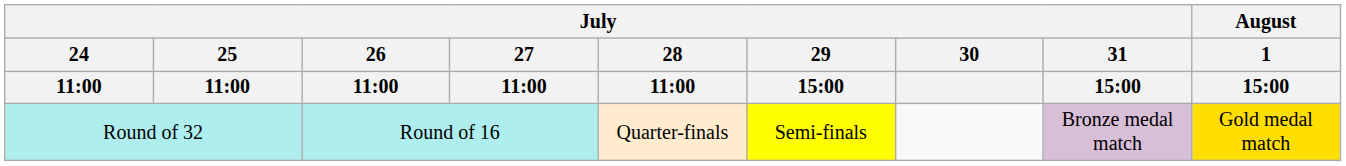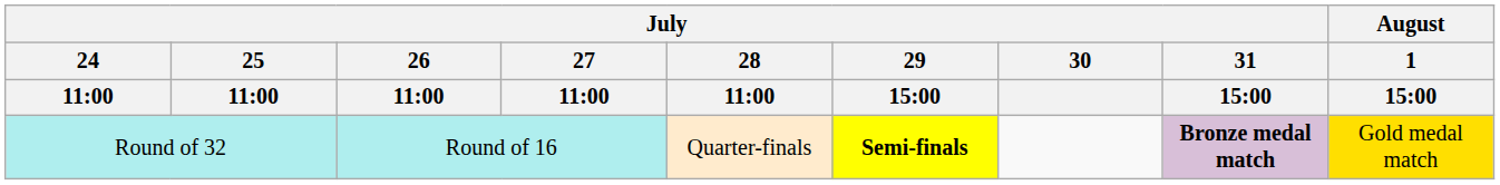 <table class="wikitable" style="text-align: center; font-size: 90%;">
 <tr>
 <th colspan=8>July</th>
 <th>August</th>
 </tr>
 <tr>
 <th width=100>24</th>
 <th width=100>25</th>
 <th width=100>26</th>
 <th width=100>27</th>
 <th width=100>28</th>
 <th width=100>29</th>
 <th width=100>30</th>
 <th width=100>31</th>
 <th width=100>1</th>
 </tr>
 <tr>
 <th>11:00</th>
 <th>11:00</th>
 <th>11:00</th>
 <th>11:00</th>
 <th>11:00</th>
 <th>15:00</th>
 <th></th>
 <th>15:00</th>
 <th>15:00</th>
 </tr>
 <tr>
 <td colspan="2" bgcolor="#afeeee">Round of 32</td>
 <td colspan="2" bgcolor="#afeeee">Round of 16</td>
 <td bgcolor=#ffebcd>Quarter-finals</td>
-<td bgcolor=#FFFF00>Semi-finals</td>
+<td bgcolor=#FFFF00><strong>Semi-finals</strong></td>
 <td></td>
-<td bgcolor=#D8BFD8>Bronze medal match</td>
+<td bgcolor=#D8BFD8><strong>Bronze medal match</strong></td>
 <td bgcolor=#ffdf00>Gold medal match</td>
 </tr>
 </table>
